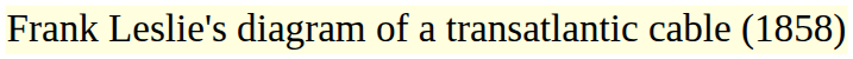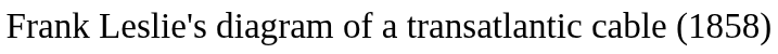 <table align="center">
 <tr>
 <td></td>
 </tr>
 <tr>
-<td align="center" style="background: lightyellow;">Frank Leslie's diagram of a transatlantic cable (1858)</td>
+<td align="center">Frank Leslie's diagram of a transatlantic cable (1858)</td>
 </tr>
 </table>
